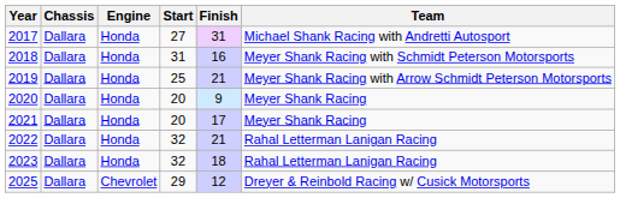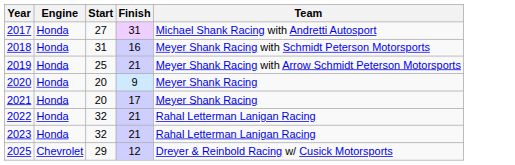 <table class="wikitable" style="font-size: 90%;">
 <tr>
 <th>Year</th>
-<th>Chassis</th>
 <th>Engine</th>
 <th>Start</th>
 <th>Finish</th>
 <th>Team</th>
 </tr>
 <tr>
 <td><a href='#'>2017</a></td>
-<td><a href='#'>Dallara</a></td>
 <td><a href='#'>Honda</a></td>
 <td align=center>27</td>
 <td align=center style="background:#EFCFFF;">31</td>
 <td><a href='#'>Michael Shank Racing</a> with <a href='#'>Andretti Autosport</a></td>
 </tr>
 <tr>
 <td><a href='#'>2018</a></td>
-<td><a href='#'>Dallara</a></td>
 <td><a href='#'>Honda</a></td>
 <td align=center>31</td>
 <td align=center style="background:#CFCFFF;">16</td>
 <td><a href='#'>Meyer Shank Racing</a> with <a href='#'>Schmidt Peterson Motorsports</a></td>
 </tr>
 <tr>
 <td><a href='#'>2019</a></td>
-<td><a href='#'>Dallara</a></td>
 <td><a href='#'>Honda</a></td>
 <td align=center>25</td>
 <td align=center style="background:#CFCFFF;">21</td>
 <td nowrap><a href='#'>Meyer Shank Racing</a> with <a href='#'>Arrow Schmidt Peterson Motorsports</a></td>
 </tr>
 <tr>
 <td><a href='#'>2020</a></td>
-<td><a href='#'>Dallara</a></td>
 <td><a href='#'>Honda</a></td>
 <td align=center>20</td>
 <td align=center style="background:#CFEAFF;">9</td>
 <td><a href='#'>Meyer Shank Racing</a></td>
 </tr>
 <tr>
 <td><a href='#'>2021</a></td>
-<td><a href='#'>Dallara</a></td>
 <td><a href='#'>Honda</a></td>
 <td align=center>20</td>
 <td align=center style="background:#CFCFFF;">17</td>
 <td><a href='#'>Meyer Shank Racing</a></td>
 </tr>
 <tr>
 <td><a href='#'>2022</a></td>
-<td><a href='#'>Dallara</a></td>
 <td><a href='#'>Honda</a></td>
 <td align=center>32</td>
 <td align=center style="background:#CFCFFF;">21</td>
 <td><a href='#'>Rahal Letterman Lanigan Racing</a></td>
 </tr>
 <tr>
 <td><a href='#'>2023</a></td>
-<td><a href='#'>Dallara</a></td>
 <td><a href='#'>Honda</a></td>
 <td align=center>32</td>
-<td align=center style="background:#CFCFFF;">18</td>
+<td align=center style="background:#CFCFFF;">21</td>
 <td><a href='#'>Rahal Letterman Lanigan Racing</a></td>
 </tr>
 <tr>
 <td><a href='#'>2025</a></td>
-<td><a href='#'>Dallara</a></td>
 <td><a href='#'>Chevrolet</a></td>
 <td align=center>29</td>
 <td align=center style="background:#CFCFFF;">12</td>
 <td nowrap><a href='#'>Dreyer & Reinbold Racing</a> w/ <a href='#'>Cusick Motorsports</a></td>
 </tr>
 </table>
